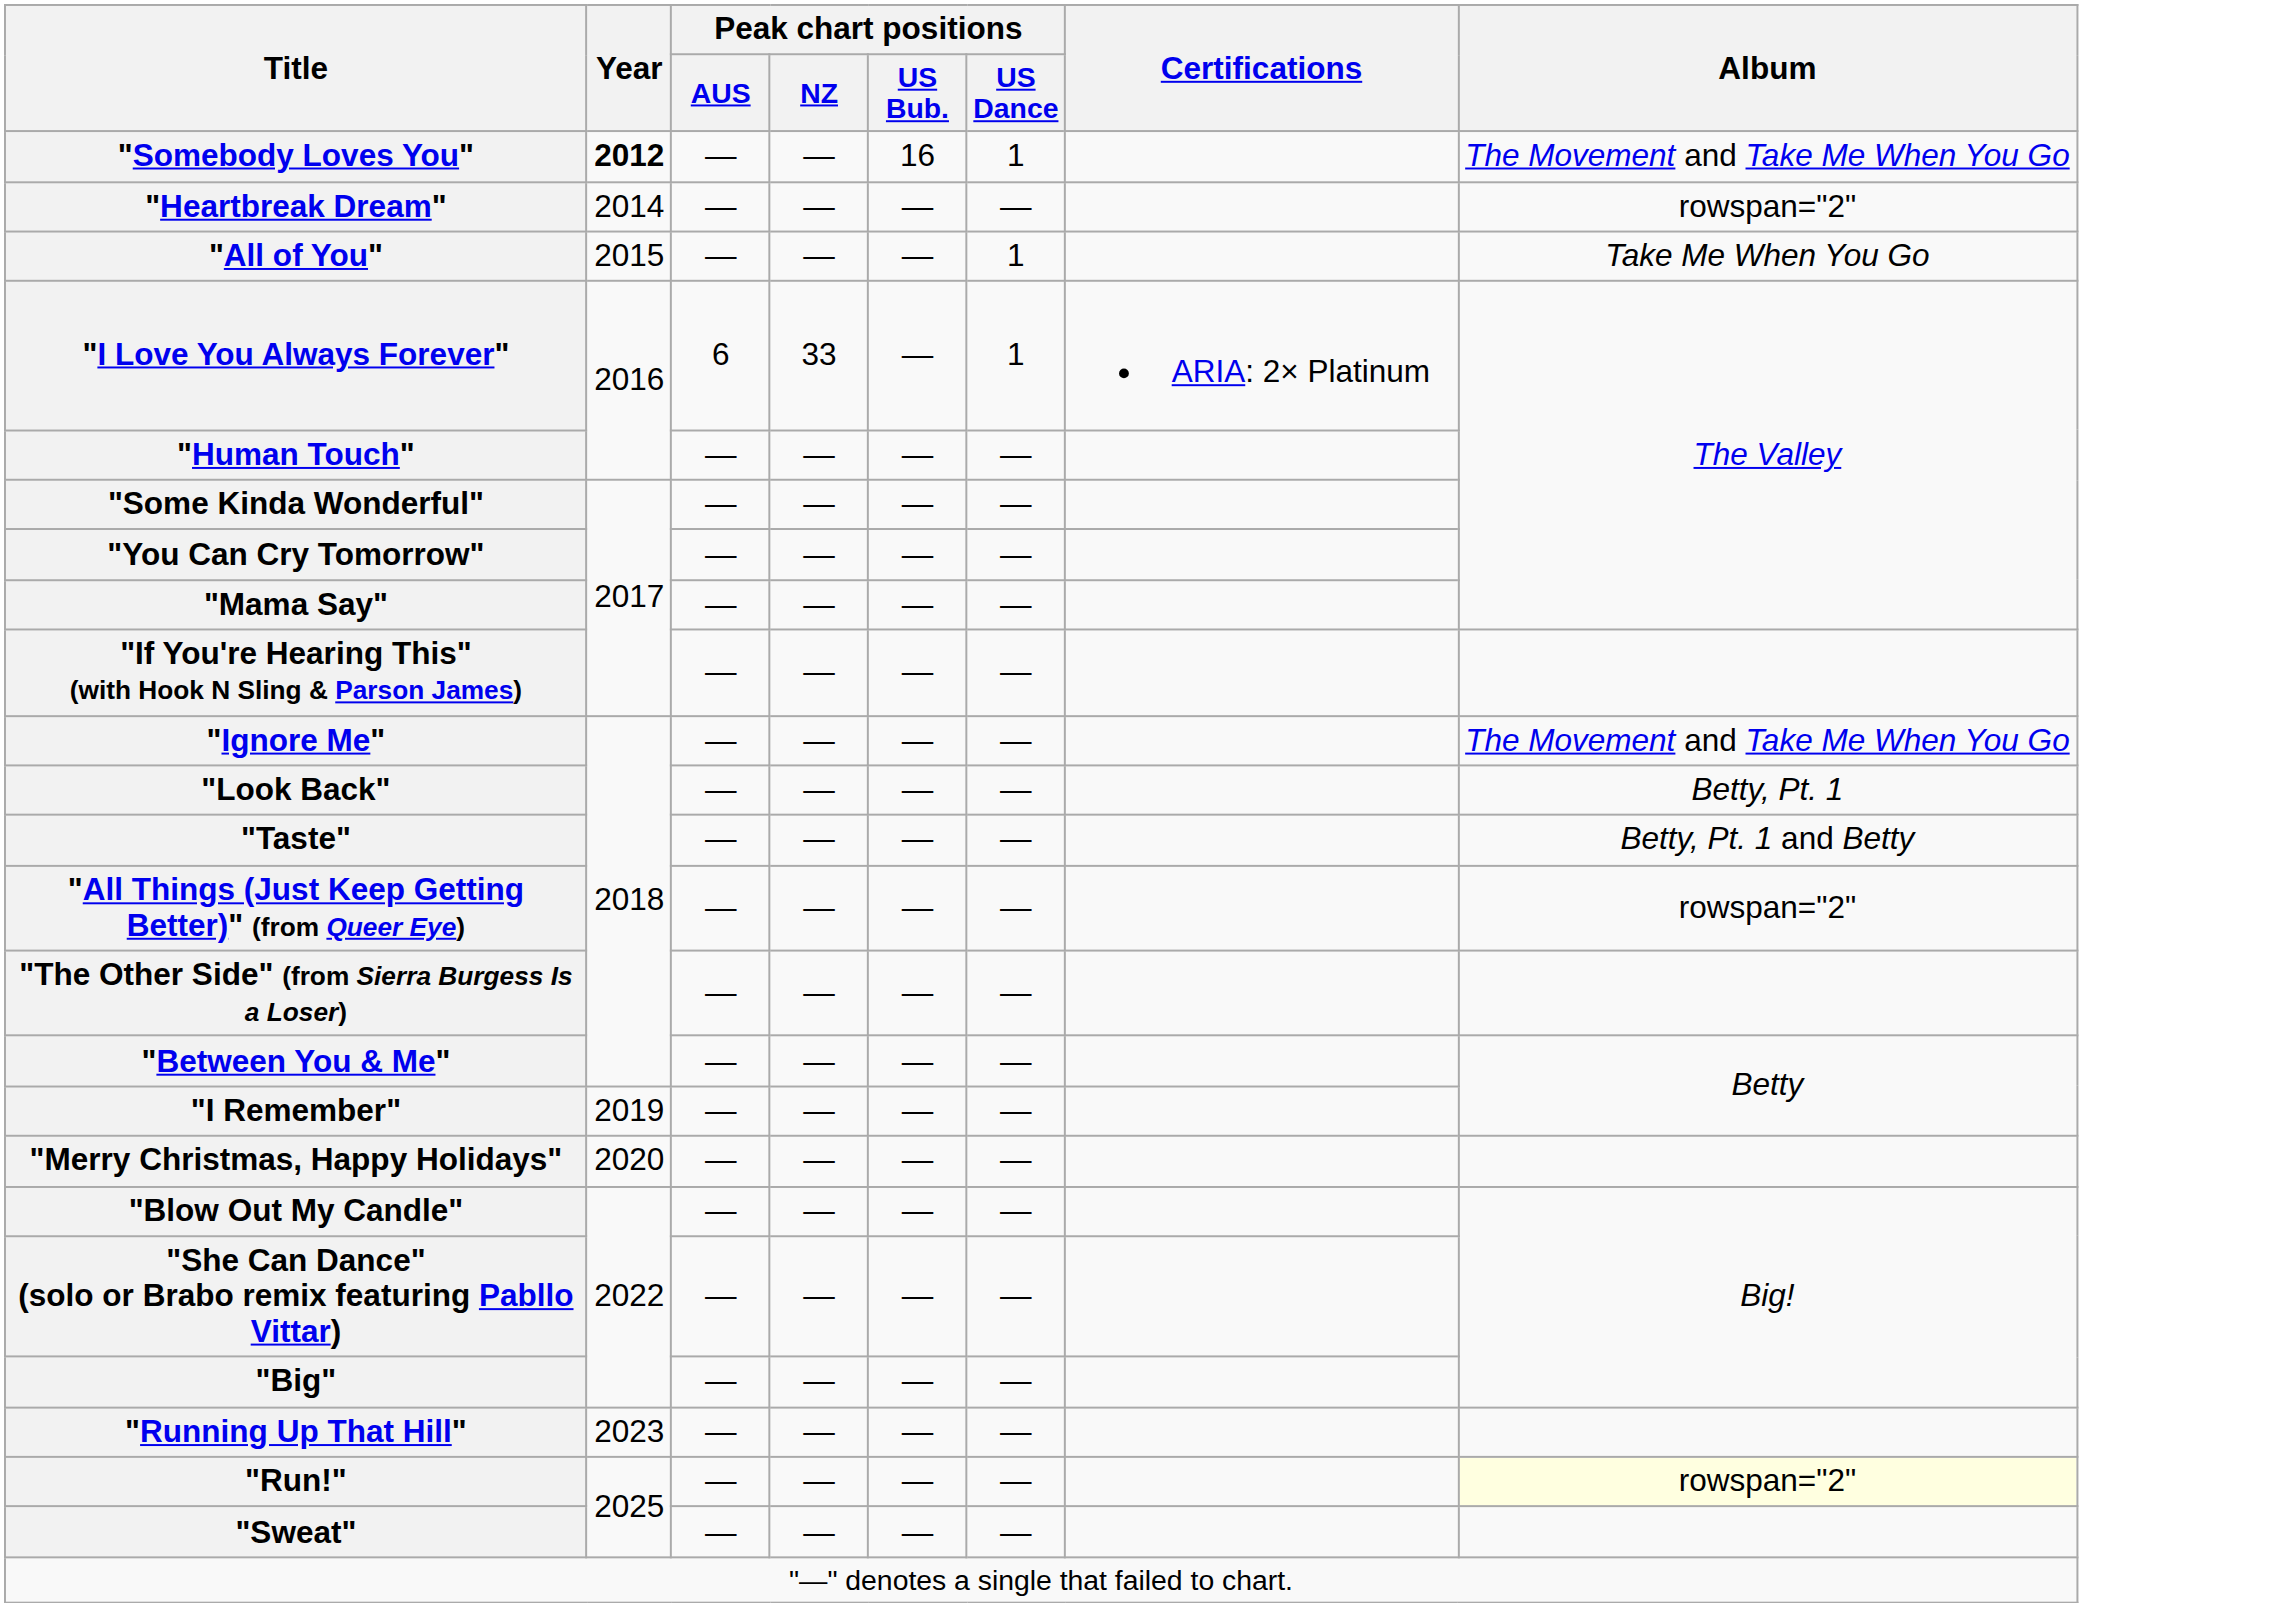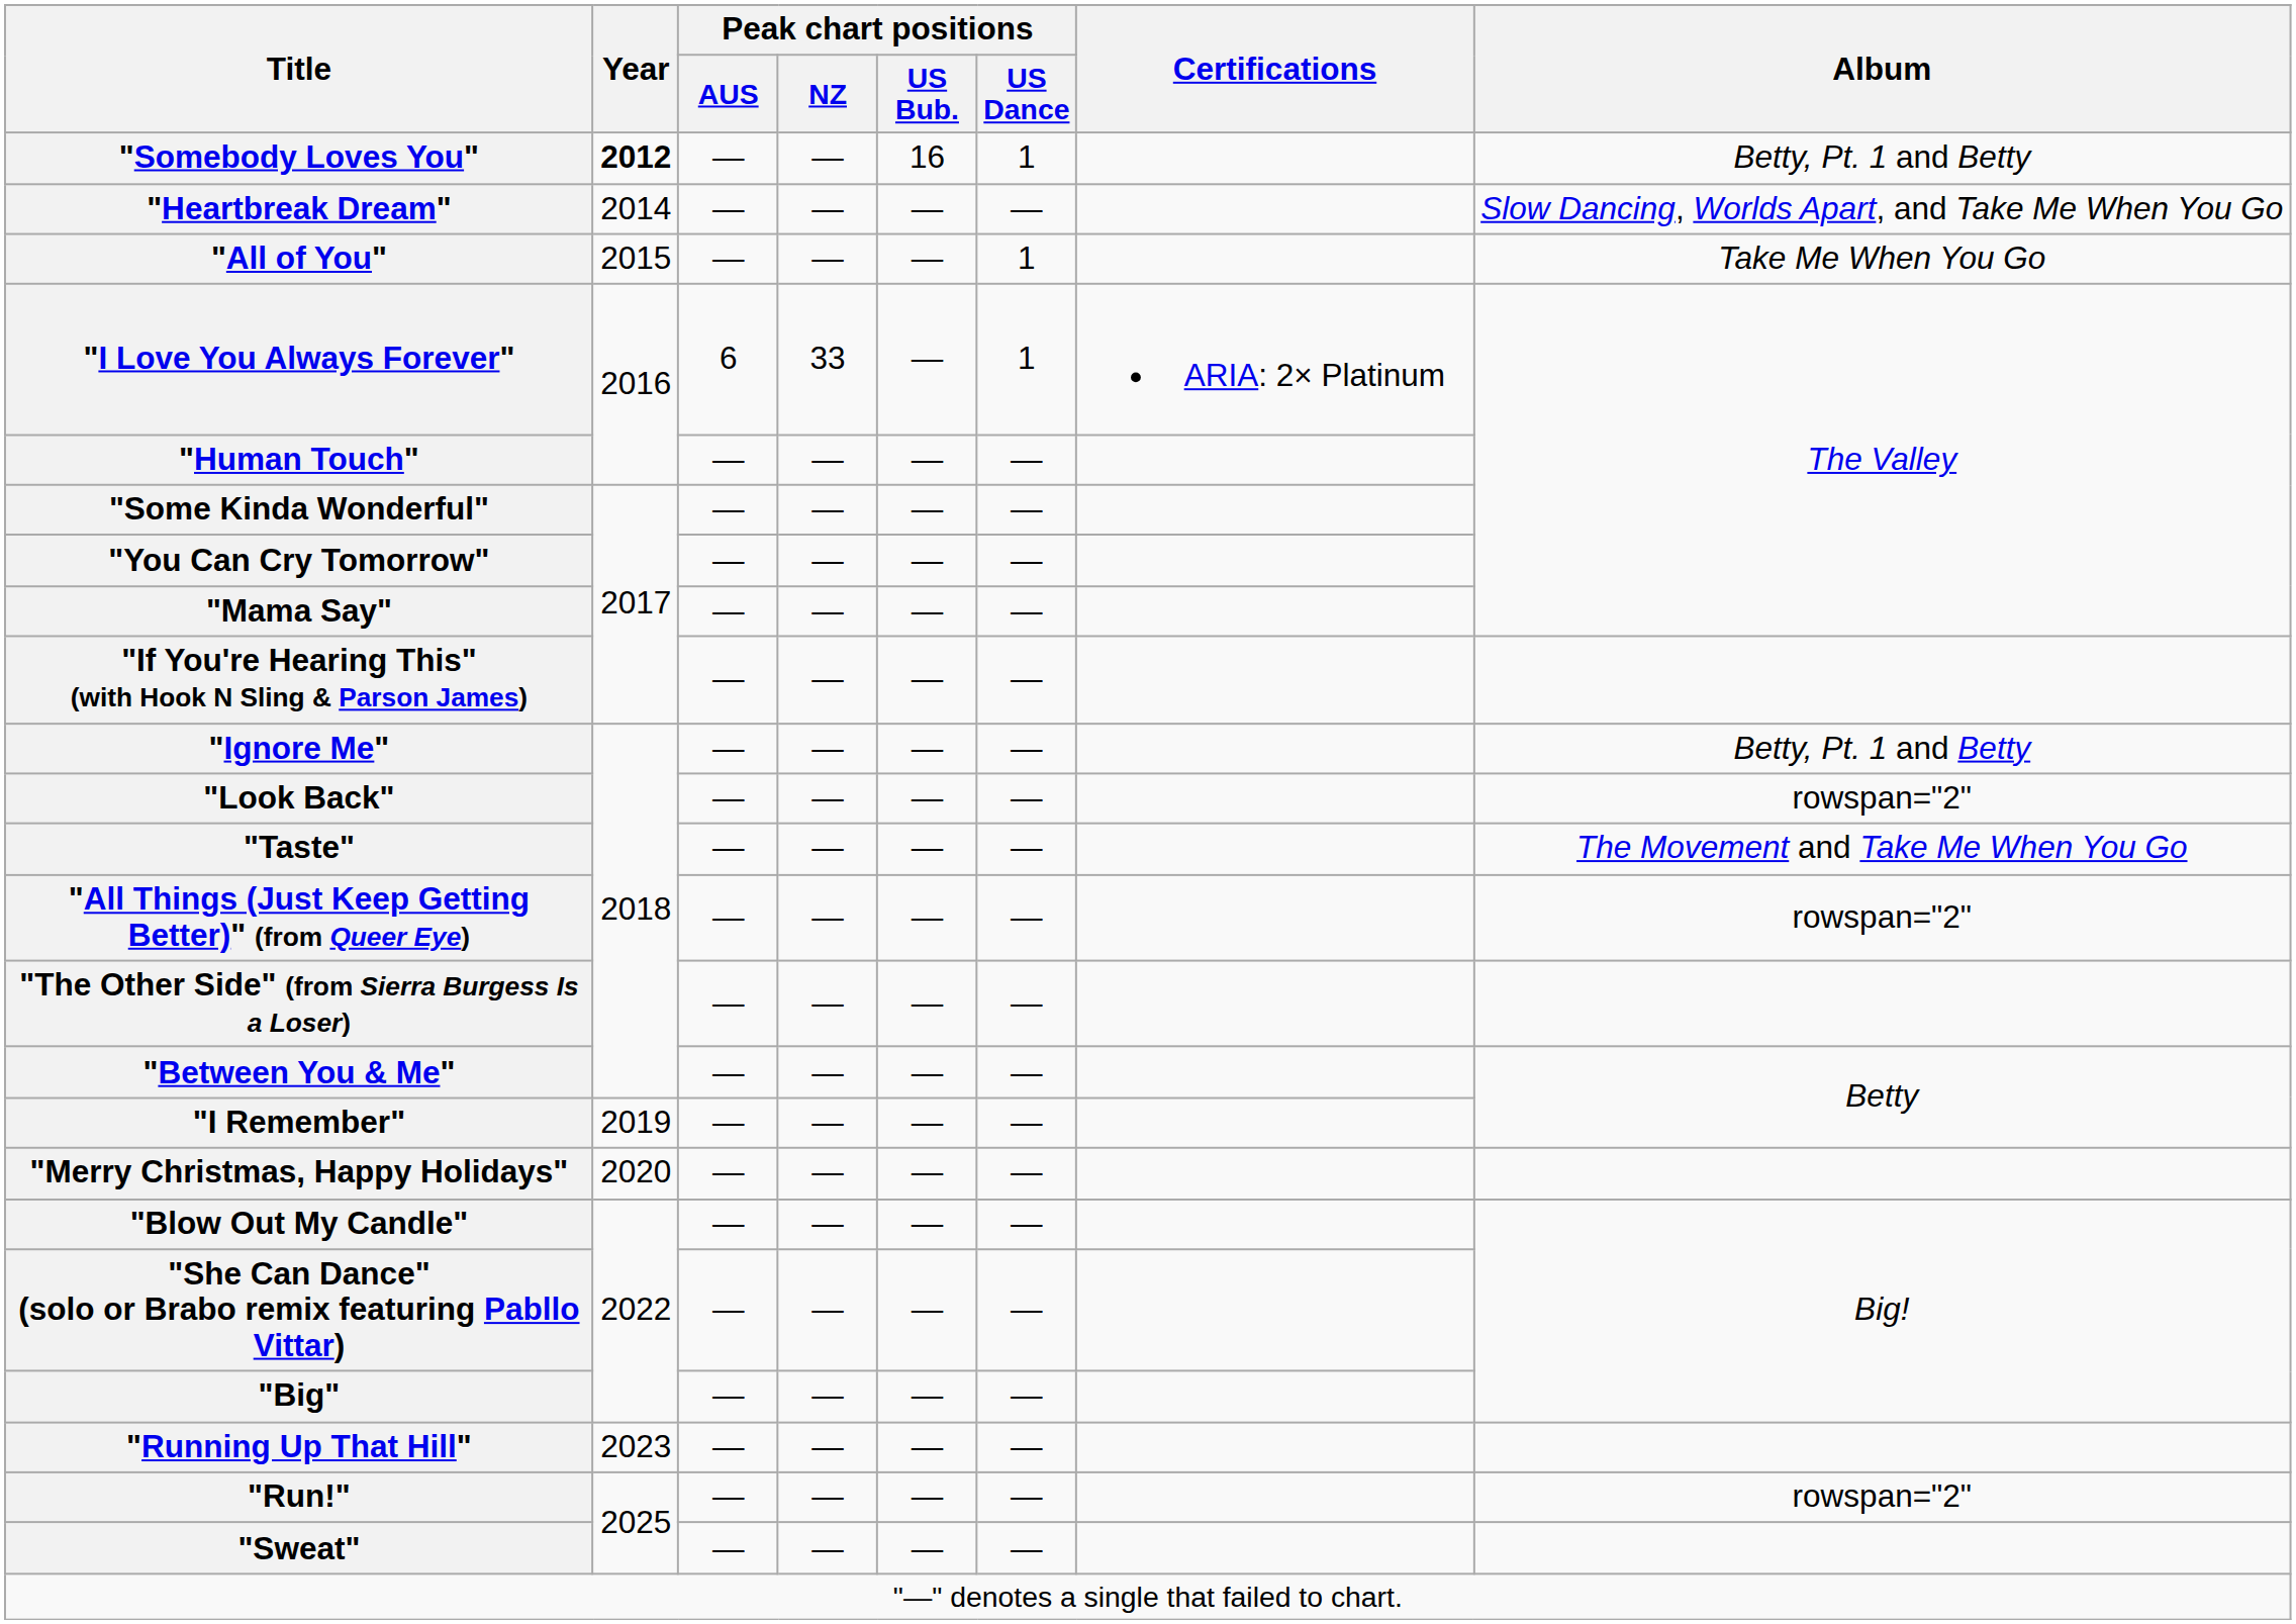 <table class="wikitable plainrowheaders" style="text-align:center;" border="1">
 <tr>
 <th scope="col" rowspan="2" style="width:18em;">Title</th>
 <th scope="col" rowspan="2">Year</th>
 <th scope="col" colspan="4">Peak chart positions</th>
 <th scope="col" rowspan="2" style="width:12em;"><a href='#'>Certifications</a></th>
 <th scope="col" rowspan="2">Album</th>
 </tr>
 <tr>
 <th scope="col" style="width:3em;font-size:90%;"><a href='#'>AUS</a><br></th>
 <th scope="col" style="width:3em;font-size:90%;"><a href='#'>NZ</a><br></th>
 <th scope="col" style="width:3em;font-size:90%;"><a href='#'>US<br>Bub.</a><br></th>
 <th scope="col" style="width:3em;font-size:90%;"><a href='#'>US<br>Dance</a><br></th>
 </tr>
 <tr>
 <th scope="row">"<a href='#'>Somebody Loves You</a>"</th>
 <td><strong>2012</strong></td>
 <td>—</td>
 <td>—</td>
 <td>16</td>
 <td>1</td>
 <td></td>
-<td><em><a href='#'>The Movement</a></em> and <em><a href='#'>Take Me When You Go</a></em></td>
+<td><em>Betty, Pt. 1</em> and <em>Betty</em></td>
 </tr>
 <tr>
 <th scope="row">"<a href='#'>Heartbreak Dream</a>"</th>
 <td>2014</td>
 <td>—</td>
 <td>—</td>
 <td>—</td>
 <td>—</td>
 <td></td>
-<td>rowspan="2" </td>
+<td><em><a href='#'>Slow Dancing</a></em>, <em><a href='#'>Worlds Apart</a></em>, and <em>Take Me When You Go</em></td>
 </tr>
 <tr>
 <th scope="row">"<a href='#'>All of You</a>"</th>
 <td>2015</td>
 <td>—</td>
 <td>—</td>
 <td>—</td>
 <td>1</td>
 <td></td>
 <td><em>Take Me When You Go</em></td>
 </tr>
 <tr>
 <th scope="row">"<a href='#'>I Love You Always Forever</a>"</th>
 <td rowspan="2">2016</td>
 <td>6</td>
 <td>33</td>
 <td>—</td>
 <td>1</td>
 <td><br><ul><li><a href='#'>ARIA</a>: 2× Platinum</li></ul></td>
 <td rowspan="5"><em><a href='#'>The Valley</a></em></td>
 </tr>
 <tr>
 <th scope="row">"<a href='#'>Human Touch</a>"</th>
 <td>—</td>
 <td>—</td>
 <td>—</td>
 <td>—</td>
 <td></td>
 </tr>
 <tr>
 <th scope="row">"Some Kinda Wonderful"</th>
 <td rowspan="4">2017</td>
 <td>—</td>
 <td>—</td>
 <td>—</td>
 <td>—</td>
 <td></td>
 </tr>
 <tr>
 <th scope="row">"You Can Cry Tomorrow"</th>
 <td>—</td>
 <td>—</td>
 <td>—</td>
 <td>—</td>
 <td></td>
 </tr>
 <tr>
 <th scope="row">"Mama Say"</th>
 <td>—</td>
 <td>—</td>
 <td>—</td>
 <td>—</td>
 <td></td>
 </tr>
 <tr>
 <th scope="row">"If You're Hearing This" <br> <small> (with Hook N Sling & <a href='#'>Parson James</a>) </small></th>
 <td>—</td>
 <td>—</td>
 <td>—</td>
 <td>—</td>
 <td></td>
 <td></td>
 </tr>
 <tr>
 <th scope="row">"<a href='#'>Ignore Me</a>"</th>
 <td rowspan="6">2018</td>
 <td>—</td>
 <td>—</td>
 <td>—</td>
 <td>—</td>
 <td></td>
-<td><em><a href='#'>The Movement</a></em> and <em><a href='#'>Take Me When You Go</a></em></td>
+<td><em>Betty, Pt. 1</em> and <em><a href='#'>Betty</a></em></td>
 </tr>
 <tr>
 <th scope="row">"Look Back"</th>
 <td>—</td>
 <td>—</td>
 <td>—</td>
 <td>—</td>
 <td></td>
-<td><em>Betty, Pt. 1</em></td>
+<td>rowspan="2" </td>
 </tr>
 <tr>
 <th scope="row">"Taste"</th>
 <td>—</td>
 <td>—</td>
 <td>—</td>
 <td>—</td>
 <td></td>
-<td><em>Betty, Pt. 1</em> and <em>Betty</em></td>
+<td><em><a href='#'>The Movement</a></em> and <em><a href='#'>Take Me When You Go</a></em></td>
 </tr>
 <tr>
 <th scope="row">"<a href='#'>All Things (Just Keep Getting Better)</a>" <small>(from <em><a href='#'>Queer Eye</a></em>)</small></th>
 <td>—</td>
 <td>—</td>
 <td>—</td>
 <td>—</td>
 <td></td>
 <td>rowspan="2" </td>
 </tr>
 <tr>
 <th scope="row">"The Other Side" <small>(from <em>Sierra Burgess Is a Loser</em>)</small></th>
 <td>—</td>
 <td>—</td>
 <td>—</td>
 <td>—</td>
 <td></td>
 </tr>
 <tr>
 <th scope="row">"<a href='#'>Between You & Me</a>"</th>
 <td>—</td>
 <td>—</td>
 <td>—</td>
 <td>—</td>
 <td></td>
 <td rowspan="2"><em>Betty</em></td>
 </tr>
 <tr>
 <th scope="row">"I Remember"</th>
 <td>2019</td>
 <td>—</td>
 <td>—</td>
 <td>—</td>
 <td>—</td>
 <td></td>
 </tr>
 <tr>
 <th scope="row">"Merry Christmas, Happy Holidays"</th>
 <td>2020</td>
 <td>—</td>
 <td>—</td>
 <td>—</td>
 <td>—</td>
 <td></td>
 <td></td>
 </tr>
 <tr>
 <th scope="row">"Blow Out My Candle"</th>
 <td rowspan="3">2022</td>
 <td>—</td>
 <td>—</td>
 <td>—</td>
 <td>—</td>
 <td></td>
 <td rowspan="3"><em>Big!</em></td>
 </tr>
 <tr>
 <th scope="row">"She Can Dance"<br><span>(solo or Brabo remix featuring <a href='#'>Pabllo Vittar</a>)</span></th>
 <td>—</td>
 <td>—</td>
 <td>—</td>
 <td>—</td>
 </tr>
 <tr>
 <th scope="row">"Big"</th>
 <td>—</td>
 <td>—</td>
 <td>—</td>
 <td>—</td>
 <td></td>
 </tr>
 <tr>
 <th scope="row">"<a href='#'>Running Up That Hill</a>"</th>
 <td>2023</td>
 <td>—</td>
 <td>—</td>
 <td>—</td>
 <td>—</td>
 <td></td>
 <td></td>
 </tr>
 <tr>
 <th scope="row">"Run!"</th>
 <td rowspan="2">2025</td>
 <td>—</td>
 <td>—</td>
 <td>—</td>
 <td>—</td>
 <td></td>
-<td style="background: lightyellow;">rowspan="2" </td>
+<td>rowspan="2" </td>
 </tr>
 <tr>
 <th scope="row">"Sweat"</th>
 <td>—</td>
 <td>—</td>
 <td>—</td>
 <td>—</td>
 <td></td>
 </tr>
 <tr>
 <td colspan="13" style="font-size:90%">"—" denotes a single that failed to chart.</td>
 </tr>
 </table>
